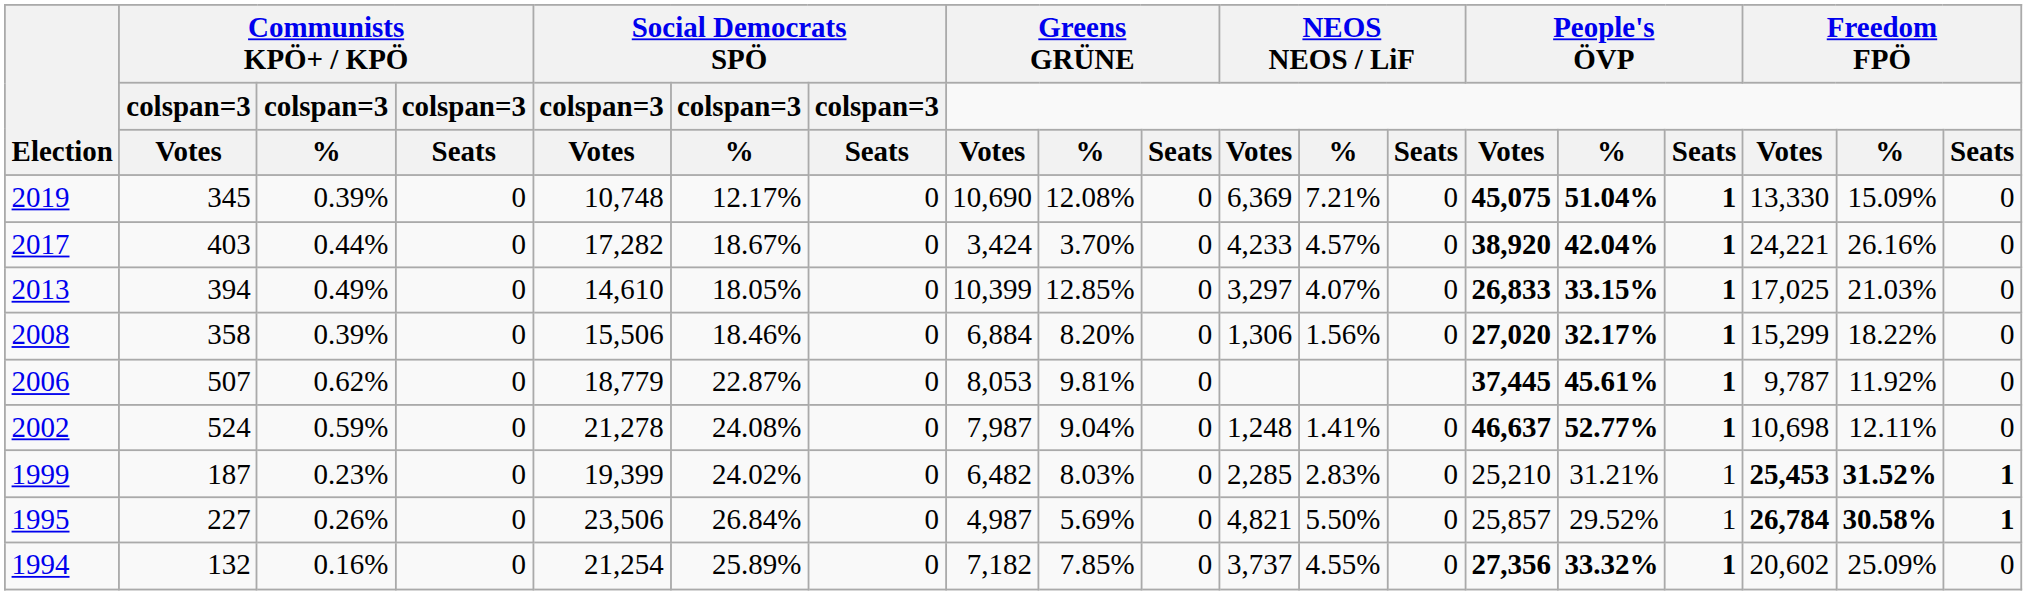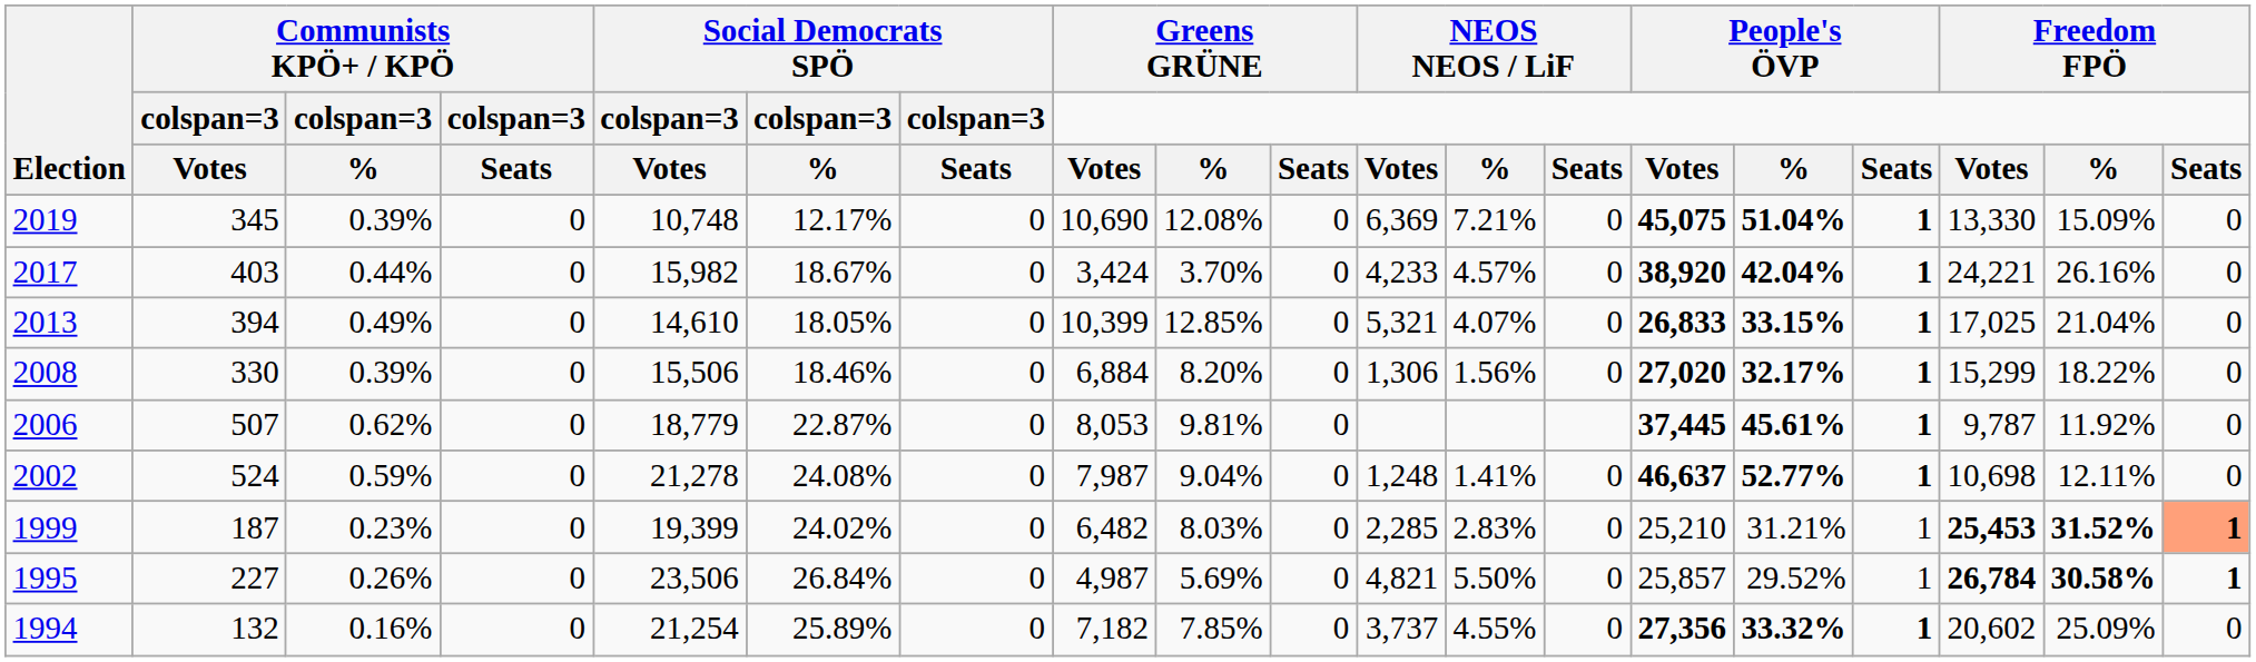 <table class="wikitable" border="1" style="font-size:100%; text-align:right;">
 <tr>
 <th style="text-align:left;" valign=bottom rowspan=3>Election</th>
 <th valign=bottom colspan=3><a href='#'>Communists</a><br>KPÖ+ / KPÖ</th>
 <th valign=bottom colspan=3><a href='#'>Social Democrats</a><br>SPÖ</th>
 <th valign=bottom colspan=3><a href='#'>Greens</a><br>GRÜNE</th>
 <th valign=bottom colspan=3><a href='#'>NEOS</a><br>NEOS / LiF</th>
 <th valign=bottom colspan=3><a href='#'>People's</a><br>ÖVP</th>
 <th valign=bottom colspan=3><a href='#'>Freedom</a><br>FPÖ</th>
 </tr>
 <tr>
 <th>colspan=3 </th>
 <th>colspan=3 </th>
 <th>colspan=3 </th>
 <th>colspan=3 </th>
 <th>colspan=3 </th>
 <th>colspan=3 </th>
 </tr>
 <tr>
 <th>Votes</th>
 <th>%</th>
 <th>Seats</th>
 <th>Votes</th>
 <th>%</th>
 <th>Seats</th>
 <th>Votes</th>
 <th>%</th>
 <th>Seats</th>
 <th>Votes</th>
 <th>%</th>
 <th>Seats</th>
 <th>Votes</th>
 <th>%</th>
 <th>Seats</th>
 <th>Votes</th>
 <th>%</th>
 <th>Seats</th>
 </tr>
 <tr>
 <td align=left><a href='#'>2019</a></td>
 <td>345</td>
 <td>0.39%</td>
 <td>0</td>
 <td>10,748</td>
 <td>12.17%</td>
 <td>0</td>
 <td>10,690</td>
 <td>12.08%</td>
 <td>0</td>
 <td>6,369</td>
 <td>7.21%</td>
 <td>0</td>
 <td><strong>45,075</strong></td>
 <td><strong>51.04%</strong></td>
 <td><strong>1</strong></td>
 <td>13,330</td>
 <td>15.09%</td>
 <td>0</td>
 </tr>
 <tr>
 <td align=left><a href='#'>2017</a></td>
 <td>403</td>
 <td>0.44%</td>
 <td>0</td>
-<td>17,282</td>
+<td>15,982</td>
 <td>18.67%</td>
 <td>0</td>
 <td>3,424</td>
 <td>3.70%</td>
 <td>0</td>
 <td>4,233</td>
 <td>4.57%</td>
 <td>0</td>
 <td><strong>38,920</strong></td>
 <td><strong>42.04%</strong></td>
 <td><strong>1</strong></td>
 <td>24,221</td>
 <td>26.16%</td>
 <td>0</td>
 </tr>
 <tr>
 <td align=left><a href='#'>2013</a></td>
 <td>394</td>
 <td>0.49%</td>
 <td>0</td>
 <td>14,610</td>
 <td>18.05%</td>
 <td>0</td>
 <td>10,399</td>
 <td>12.85%</td>
 <td>0</td>
-<td>3,297</td>
+<td>5,321</td>
 <td>4.07%</td>
 <td>0</td>
 <td><strong>26,833</strong></td>
 <td><strong>33.15%</strong></td>
 <td><strong>1</strong></td>
 <td>17,025</td>
-<td>21.03%</td>
+<td>21.04%</td>
 <td>0</td>
 </tr>
 <tr>
 <td align=left><a href='#'>2008</a></td>
-<td>358</td>
+<td>330</td>
 <td>0.39%</td>
 <td>0</td>
 <td>15,506</td>
 <td>18.46%</td>
 <td>0</td>
 <td>6,884</td>
 <td>8.20%</td>
 <td>0</td>
 <td>1,306</td>
 <td>1.56%</td>
 <td>0</td>
 <td><strong>27,020</strong></td>
 <td><strong>32.17%</strong></td>
 <td><strong>1</strong></td>
 <td>15,299</td>
 <td>18.22%</td>
 <td>0</td>
 </tr>
 <tr>
 <td align=left><a href='#'>2006</a></td>
 <td>507</td>
 <td>0.62%</td>
 <td>0</td>
 <td>18,779</td>
 <td>22.87%</td>
 <td>0</td>
 <td>8,053</td>
 <td>9.81%</td>
 <td>0</td>
 <td></td>
 <td></td>
 <td></td>
 <td><strong>37,445</strong></td>
 <td><strong>45.61%</strong></td>
 <td><strong>1</strong></td>
 <td>9,787</td>
 <td>11.92%</td>
 <td>0</td>
 </tr>
 <tr>
 <td align=left><a href='#'>2002</a></td>
 <td>524</td>
 <td>0.59%</td>
 <td>0</td>
 <td>21,278</td>
 <td>24.08%</td>
 <td>0</td>
 <td>7,987</td>
 <td>9.04%</td>
 <td>0</td>
 <td>1,248</td>
 <td>1.41%</td>
 <td>0</td>
 <td><strong>46,637</strong></td>
 <td><strong>52.77%</strong></td>
 <td><strong>1</strong></td>
 <td>10,698</td>
 <td>12.11%</td>
 <td>0</td>
 </tr>
 <tr>
 <td align=left><a href='#'>1999</a></td>
 <td>187</td>
 <td>0.23%</td>
 <td>0</td>
 <td>19,399</td>
 <td>24.02%</td>
 <td>0</td>
 <td>6,482</td>
 <td>8.03%</td>
 <td>0</td>
 <td>2,285</td>
 <td>2.83%</td>
 <td>0</td>
 <td>25,210</td>
 <td>31.21%</td>
 <td>1</td>
 <td><strong>25,453</strong></td>
 <td><strong>31.52%</strong></td>
-<td><strong>1</strong></td>
+<td style="background: lightsalmon;"><strong>1</strong></td>
 </tr>
 <tr>
 <td align=left><a href='#'>1995</a></td>
 <td>227</td>
 <td>0.26%</td>
 <td>0</td>
 <td>23,506</td>
 <td>26.84%</td>
 <td>0</td>
 <td>4,987</td>
 <td>5.69%</td>
 <td>0</td>
 <td>4,821</td>
 <td>5.50%</td>
 <td>0</td>
 <td>25,857</td>
 <td>29.52%</td>
 <td>1</td>
 <td><strong>26,784</strong></td>
 <td><strong>30.58%</strong></td>
 <td><strong>1</strong></td>
 </tr>
 <tr>
 <td align=left><a href='#'>1994</a></td>
 <td>132</td>
 <td>0.16%</td>
 <td>0</td>
 <td>21,254</td>
 <td>25.89%</td>
 <td>0</td>
 <td>7,182</td>
 <td>7.85%</td>
 <td>0</td>
 <td>3,737</td>
 <td>4.55%</td>
 <td>0</td>
 <td><strong>27,356</strong></td>
 <td><strong>33.32%</strong></td>
 <td><strong>1</strong></td>
 <td>20,602</td>
 <td>25.09%</td>
 <td>0</td>
 </tr>
 </table>
